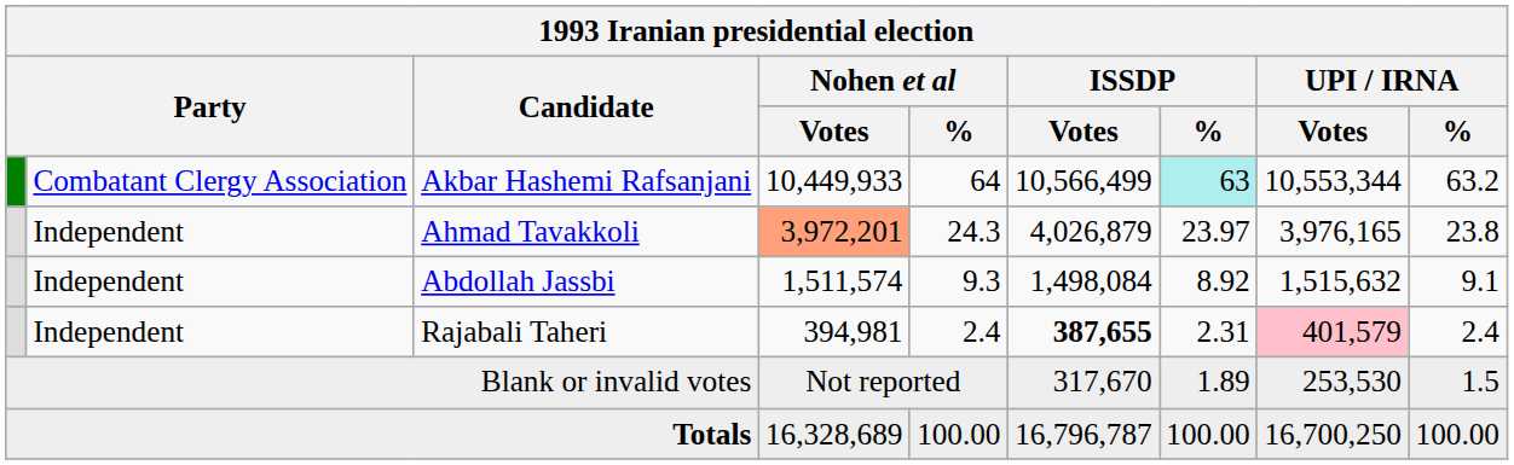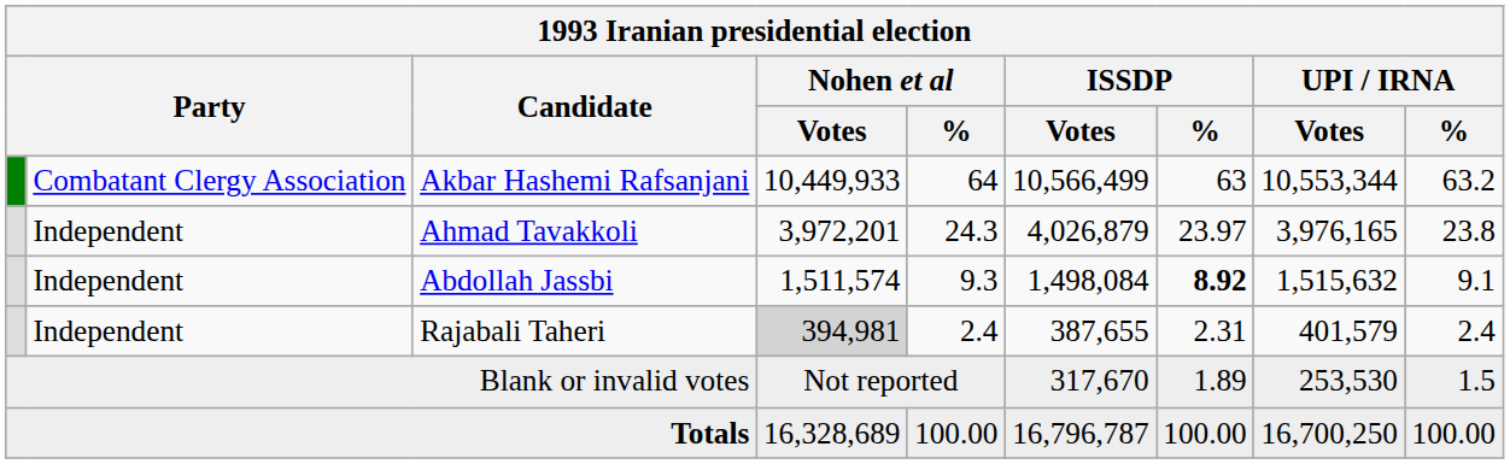 <table class="wikitable" style="font-size:95%;">
 <tr>
 <th colspan="10">1993 Iranian presidential election</th>
 </tr>
 <tr>
 <th rowspan="2" colspan="2">Party</th>
 <th rowspan="2">Candidate</th>
 <th colspan="2">Nohen <em>et al</em></th>
 <th colspan="2"><abbr>ISSDP</abbr></th>
 <th colspan="2"><abbr>UPI</abbr> / <abbr>IRNA</abbr></th>
 </tr>
 <tr>
 <th>Votes</th>
 <th>%</th>
 <th>Votes</th>
 <th>%</th>
 <th>Votes</th>
 <th>%</th>
 </tr>
 <tr>
 <th style="background:Green; width:3px;"></th>
 <td><a href='#'>Combatant Clergy Association</a></td>
 <td><a href='#'>Akbar Hashemi Rafsanjani</a></td>
 <td style="text-align:right;">10,449,933</td>
 <td style="text-align:right;">64</td>
 <td style="text-align:right;">10,566,499</td>
-<td style="background: paleturquoise; text-align:right;">63</td>
+<td style="text-align:right;">63</td>
 <td style="text-align:right;">10,553,344</td>
 <td style="text-align:right;">63.2</td>
 </tr>
 <tr>
 <th style="background:#DDDDDD; width:3px;"></th>
 <td>Independent</td>
 <td><a href='#'>Ahmad Tavakkoli</a></td>
-<td style="background: lightsalmon; text-align:right;">3,972,201</td>
+<td style="text-align:right;">3,972,201</td>
 <td style="text-align:right;">24.3</td>
 <td style="text-align:right;">4,026,879</td>
 <td style="text-align:right;">23.97</td>
 <td style="text-align:right;">3,976,165</td>
 <td style="text-align:right;">23.8</td>
 </tr>
 <tr>
 <th style="background:#DDDDDD; width:3px;"></th>
 <td>Independent</td>
 <td><a href='#'>Abdollah Jassbi</a></td>
 <td style="text-align:right;">1,511,574</td>
 <td style="text-align:right;">9.3</td>
 <td style="text-align:right;">1,498,084</td>
-<td style="text-align:right;">8.92</td>
+<td style="text-align:right;"><strong>8.92</strong></td>
 <td style="text-align:right;">1,515,632</td>
 <td style="text-align:right;">9.1</td>
 </tr>
 <tr>
 <th style="background:#DDDDDD; width:3px;"></th>
 <td>Independent</td>
 <td>Rajabali Taheri</td>
-<td style="text-align:right;">394,981</td>
+<td style="background: lightgrey; text-align:right;">394,981</td>
 <td style="text-align:right;">2.4</td>
-<td style="text-align:right;"><strong>387,655</strong></td>
+<td style="text-align:right;">387,655</td>
 <td style="text-align:right;">2.31</td>
-<td style="background: pink; text-align:right;">401,579</td>
+<td style="text-align:right;">401,579</td>
 <td style="text-align:right;">2.4</td>
 </tr>
 <tr style="background:#eee">
 <td colspan="3" style="text-align:right;">Blank or invalid votes</td>
 <td style="text-align:center;" colspan=2>Not reported</td>
 <td style="text-align:right;">317,670</td>
 <td style="text-align:right;">1.89</td>
 <td style="text-align:right;">253,530</td>
 <td style="text-align:right;">1.5</td>
 </tr>
 <tr style="background:#eee">
 <td colspan="3" style="text-align:right;"><strong>Totals</strong></td>
 <td style="text-align:right;">16,328,689</td>
 <td style="text-align:right;">100.00</td>
 <td style="text-align:right;">16,796,787</td>
 <td style="text-align:right;">100.00</td>
 <td style="text-align:right;">16,700,250</td>
 <td style="text-align:right;">100.00</td>
 </tr>
 </table>
